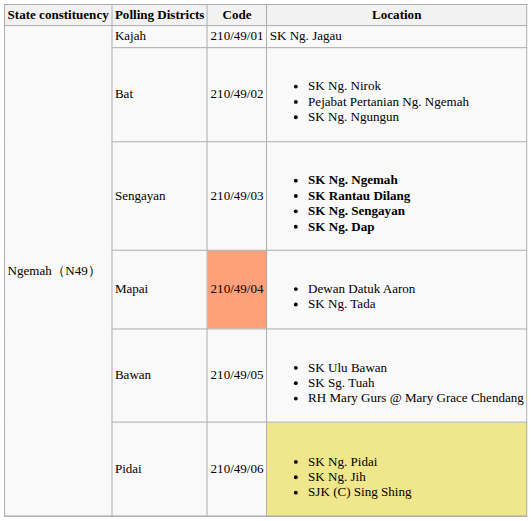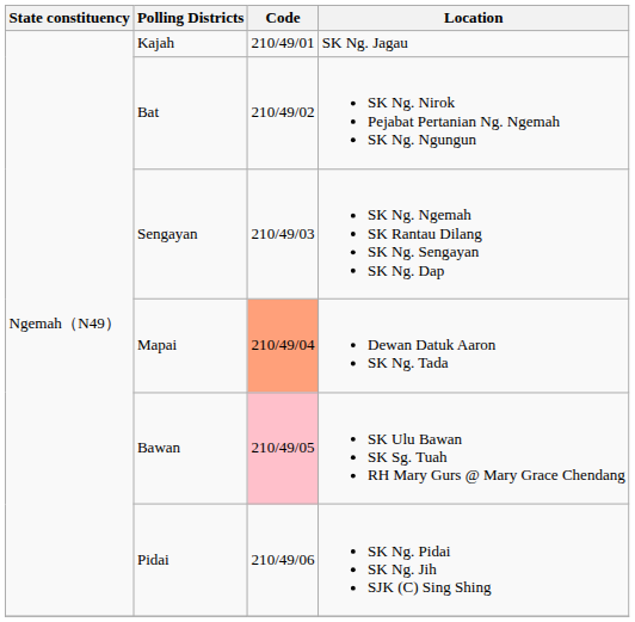 <table class="wikitable sortable mw-collapsible" style="white-space:nowrap;font-size:85%">
 <tr>
 <th>State constituency</th>
 <th>Polling Districts</th>
 <th>Code</th>
 <th>Location</th>
 </tr>
 <tr>
 <td rowspan="6">Ngemah（N49）</td>
 <td>Kajah</td>
 <td>210/49/01</td>
 <td>SK Ng. Jagau</td>
 </tr>
 <tr>
 <td>Bat</td>
 <td>210/49/02</td>
 <td><br><ul><li>SK Ng. Nirok</li><li>Pejabat Pertanian Ng. Ngemah</li><li>SK Ng. Ngungun</li></ul></td>
 </tr>
 <tr>
 <td>Sengayan</td>
 <td>210/49/03</td>
-<td><strong><br><ul><li>SK Ng. Ngemah</li><li>SK Rantau Dilang</li><li>SK Ng. Sengayan</li><li>SK Ng. Dap</li></ul></strong></td>
+<td><br><ul><li>SK Ng. Ngemah</li><li>SK Rantau Dilang</li><li>SK Ng. Sengayan</li><li>SK Ng. Dap</li></ul></td>
 </tr>
 <tr>
 <td>Mapai</td>
 <td style="background: lightsalmon;">210/49/04</td>
 <td><br><ul><li>Dewan Datuk Aaron</li><li>SK Ng. Tada</li></ul></td>
 </tr>
 <tr>
 <td>Bawan</td>
-<td>210/49/05</td>
+<td style="background: pink;">210/49/05</td>
 <td><br><ul><li>SK Ulu Bawan</li><li>SK Sg. Tuah</li><li>RH Mary Gurs @ Mary Grace Chendang</li></ul></td>
 </tr>
 <tr>
 <td>Pidai</td>
 <td>210/49/06</td>
-<td style="background: khaki;"><br><ul><li>SK Ng. Pidai</li><li>SK Ng. Jih</li><li>SJK (C) Sing Shing</li></ul></td>
+<td><br><ul><li>SK Ng. Pidai</li><li>SK Ng. Jih</li><li>SJK (C) Sing Shing</li></ul></td>
 </tr>
 <tr>
 </tr>
 </table>
